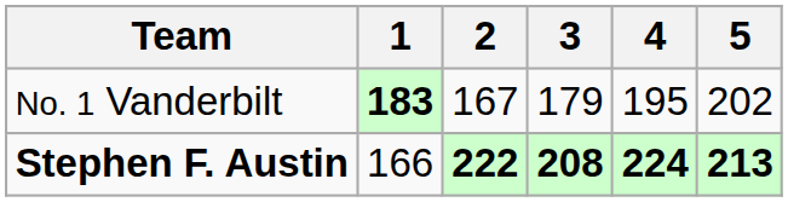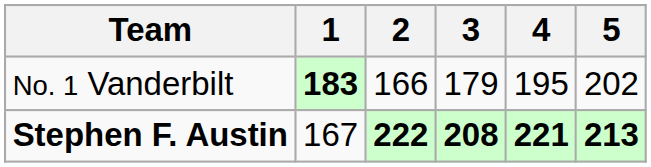 <table class="wikitable">
 <tr>
 <th>Team</th>
 <th>1</th>
 <th>2</th>
 <th>3</th>
 <th>4</th>
 <th>5</th>
 </tr>
 <tr>
 <td><small>No. 1</small> Vanderbilt</td>
 <td style="background:#ccffcc"><strong>183</strong></td>
-<td>167</td>
+<td>166</td>
 <td>179</td>
 <td>195</td>
 <td>202</td>
 </tr>
 <tr>
 <td><strong>Stephen F. Austin</strong></td>
-<td>166</td>
+<td>167</td>
 <td style="background:#ccffcc"><strong>222</strong></td>
 <td style="background:#ccffcc"><strong>208</strong></td>
-<td style="background:#ccffcc"><strong>224</strong></td>
+<td style="background:#ccffcc"><strong>221</strong></td>
 <td style="background:#ccffcc"><strong>213</strong></td>
 </tr>
 </table>
